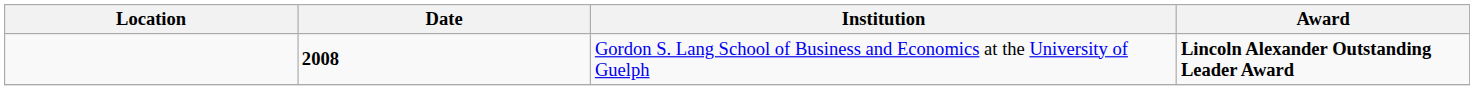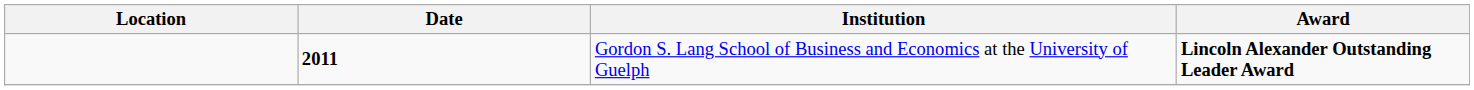 <table class="wikitable" style="width:100%;">
 <tr>
 <th style="width:20%;">Location</th>
 <th style="width:20%;">Date</th>
 <th style="width:40%;">Institution</th>
 <th style="width:20%;">Award</th>
 </tr>
 <tr>
 <td></td>
-<td><strong>2008</strong></td>
+<td><strong>2011</strong></td>
 <td><a href='#'>Gordon S. Lang School of Business and Economics</a> at the <a href='#'>University of Guelph</a></td>
 <td><strong>Lincoln Alexander Outstanding Leader Award  </strong></td>
 </tr>
 <tr>
 </tr>
 </table>
